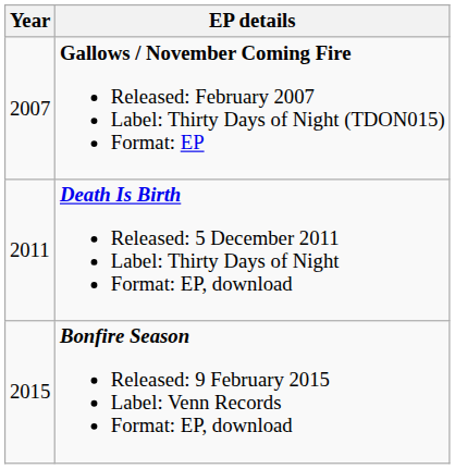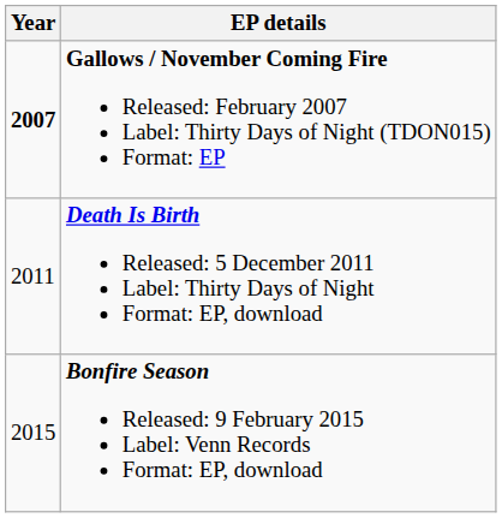 <table class ="wikitable">
 <tr>
 <th>Year</th>
 <th>EP details</th>
 </tr>
 <tr>
-<td>2007</td>
+<td><strong>2007</strong></td>
 <td align=left><strong>Gallows / November Coming Fire</strong><br><ul><li>Released: February 2007</li><li>Label: Thirty Days of Night (TDON015)</li><li>Format: <a href='#'>EP</a></li></ul></td>
 </tr>
 <tr>
 <td>2011</td>
 <td align=left><strong><em><a href='#'>Death Is Birth</a></em></strong><br><ul><li>Released: 5 December 2011</li><li>Label: Thirty Days of Night</li><li>Format: EP, download</li></ul></td>
 </tr>
 <tr>
 <td>2015</td>
 <td align=left><strong><em>Bonfire Season</em></strong><br><ul><li>Released: 9 February 2015</li><li>Label: Venn Records</li><li>Format: EP, download</li></ul></td>
 </tr>
 </table>
